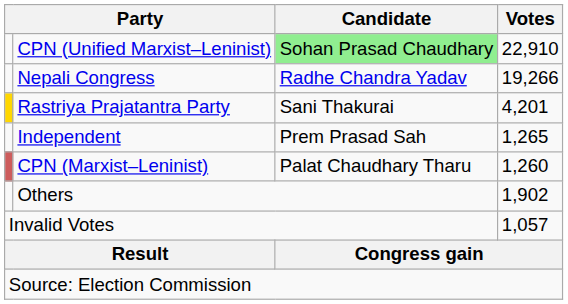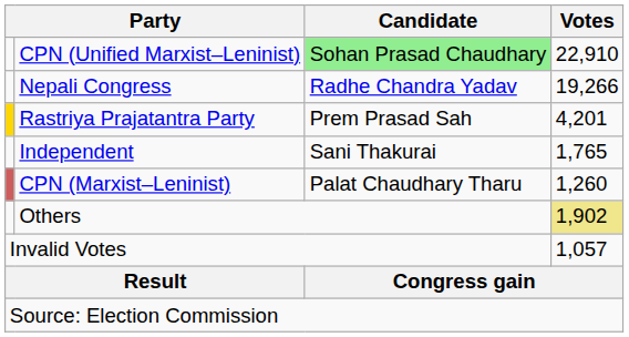 <table class="wikitable">
 <tr>
 <th colspan="2">Party</th>
 <th>Candidate</th>
 <th>Votes</th>
 </tr>
 <tr>
 <td style="background-color:"></td>
 <td><a href='#'>CPN (Unified Marxist–Leninist)</a></td>
 <td style="background: lightgreen;">Sohan Prasad Chaudhary</td>
 <td>22,910</td>
 </tr>
 <tr>
 <td style="background-color:"></td>
 <td><a href='#'>Nepali Congress</a></td>
 <td><a href='#'>Radhe Chandra Yadav</a></td>
 <td>19,266</td>
 </tr>
 <tr>
 <td style="background-color:gold"></td>
 <td><a href='#'>Rastriya Prajatantra Party</a></td>
-<td>Sani Thakurai</td>
+<td>Prem Prasad Sah</td>
 <td>4,201</td>
 </tr>
 <tr>
 <td style="background-color:"></td>
 <td><a href='#'>Independent</a></td>
-<td>Prem Prasad Sah</td>
-<td>1,265</td>
+<td>Sani Thakurai</td>
+<td>1,765</td>
 </tr>
 <tr>
 <td style="background-color:indianred"></td>
 <td><a href='#'>CPN (Marxist–Leninist)</a></td>
 <td>Palat Chaudhary Tharu</td>
 <td>1,260</td>
 </tr>
 <tr>
 <td></td>
 <td colspan="2">Others</td>
-<td>1,902</td>
+<td style="background: khaki;">1,902</td>
 </tr>
 <tr>
 <td colspan="3">Invalid Votes</td>
 <td>1,057</td>
 </tr>
 <tr>
 <th colspan="2">Result</th>
 <th colspan="2">Congress gain</th>
 </tr>
 <tr>
 <td colspan="4">Source: Election Commission</td>
 </tr>
 </table>
